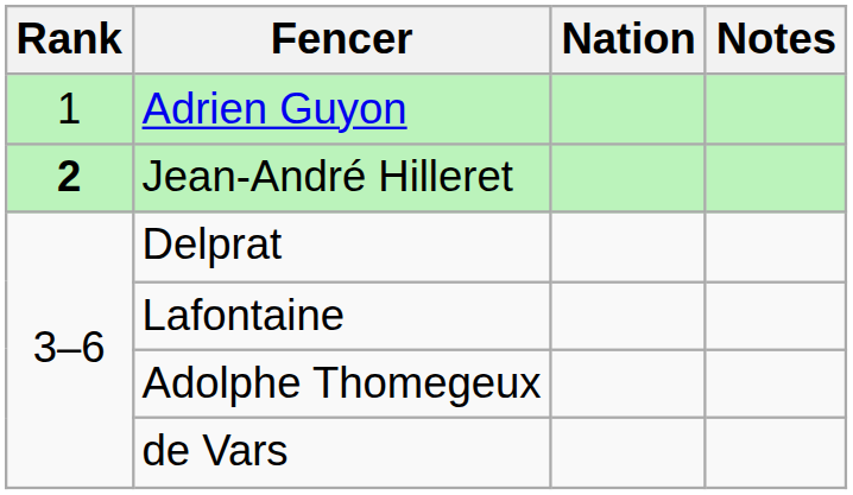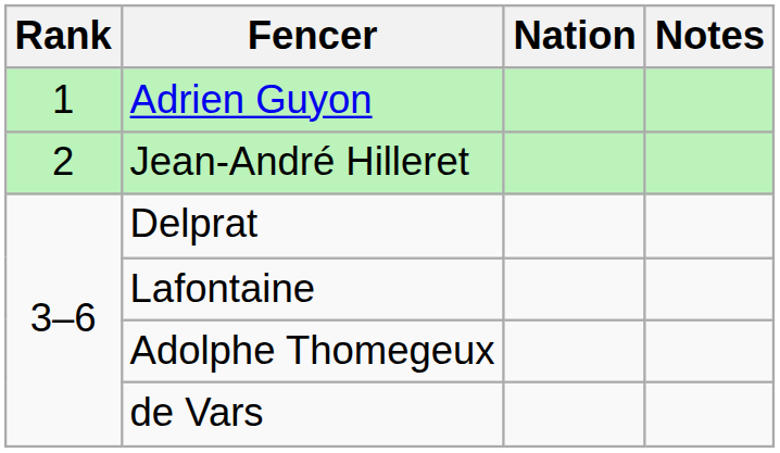 <table class="wikitable sortable" style="text-align:center">
 <tr>
 <th>Rank</th>
 <th>Fencer</th>
 <th>Nation</th>
 <th>Notes</th>
 </tr>
 <tr bgcolor=bbf3bb>
 <td>1</td>
 <td align=left><a href='#'>Adrien Guyon</a></td>
 <td align=left></td>
 <td></td>
 </tr>
 <tr bgcolor=bbf3bb>
-<td><strong>2</strong></td>
+<td>2</td>
 <td align=left>Jean-André Hilleret</td>
 <td align=left></td>
 <td></td>
 </tr>
 <tr>
 <td rowspan=4 align=center>3–6</td>
 <td align=left>Delprat</td>
 <td align=left></td>
 <td></td>
 </tr>
 <tr>
 <td align=left>Lafontaine</td>
 <td align=left></td>
 <td></td>
 </tr>
 <tr>
 <td align=left>Adolphe Thomegeux</td>
 <td align=left></td>
 <td></td>
 </tr>
 <tr>
 <td align=left>de Vars</td>
 <td align=left></td>
 <td></td>
 </tr>
 </table>
